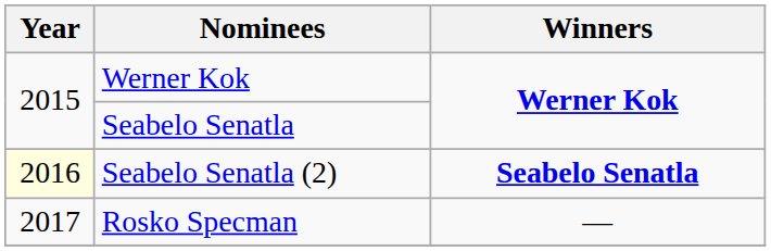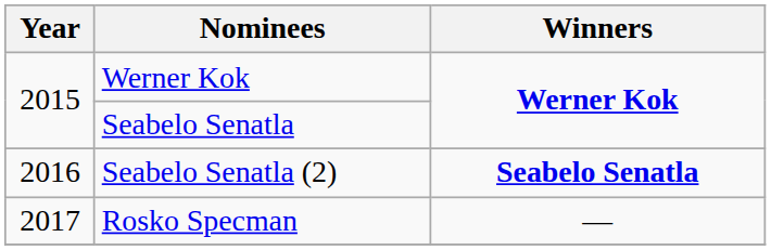 <table class="wikitable">
 <tr>
 <th width=40>Year</th>
 <th width=170>Nominees</th>
 <th width=170>Winners</th>
 </tr>
 <tr>
 <td align=center rowspan=2>2015</td>
 <td><a href='#'>Werner Kok</a></td>
 <td align=center rowspan=2><strong><a href='#'>Werner Kok</a></strong></td>
 </tr>
 <tr>
 <td><a href='#'>Seabelo Senatla</a></td>
 </tr>
 <tr>
-<td align=center style="background: lightyellow;">2016</td>
+<td align=center>2016</td>
 <td><a href='#'>Seabelo Senatla</a> (2)</td>
 <td align=center><strong><a href='#'>Seabelo Senatla</a></strong></td>
 </tr>
 <tr>
 <td align=center>2017</td>
 <td><a href='#'>Rosko Specman</a></td>
 <td align=center>—</td>
 </tr>
 <tr>
 </tr>
 </table>
